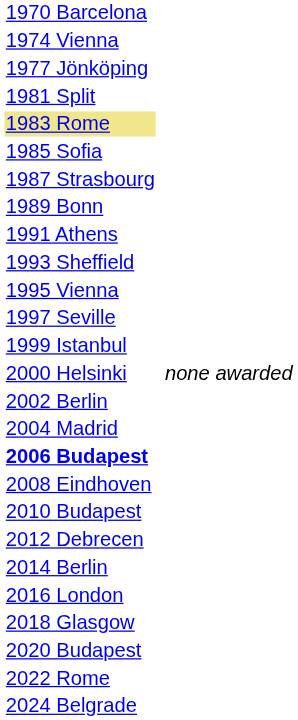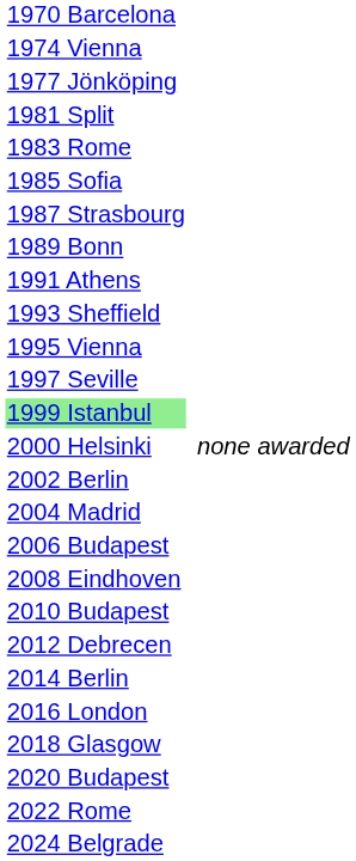 <table>
 <tr>
 <td><a href='#'>1970 Barcelona</a></td>
 <td></td>
 <td></td>
 <td></td>
 </tr>
 <tr>
 <td><a href='#'>1974 Vienna</a></td>
 <td></td>
 <td></td>
 <td></td>
 </tr>
 <tr>
 <td><a href='#'>1977 Jönköping</a></td>
 <td></td>
 <td></td>
 <td></td>
 </tr>
 <tr>
 <td><a href='#'>1981 Split</a></td>
 <td></td>
 <td></td>
 <td></td>
 </tr>
 <tr>
-<td style="background: khaki;"><a href='#'>1983 Rome</a></td>
+<td><a href='#'>1983 Rome</a></td>
 <td></td>
 <td></td>
 <td></td>
 </tr>
 <tr>
 <td><a href='#'>1985 Sofia</a></td>
 <td></td>
 <td></td>
 <td></td>
 </tr>
 <tr>
 <td><a href='#'>1987 Strasbourg</a></td>
 <td></td>
 <td></td>
 <td></td>
 </tr>
 <tr>
 <td><a href='#'>1989 Bonn</a></td>
 <td></td>
 <td></td>
 <td></td>
 </tr>
 <tr>
 <td><a href='#'>1991 Athens</a></td>
 <td></td>
 <td></td>
 <td></td>
 </tr>
 <tr>
 <td><a href='#'>1993 Sheffield</a></td>
 <td></td>
 <td></td>
 <td></td>
 </tr>
 <tr>
 <td><a href='#'>1995 Vienna</a></td>
 <td></td>
 <td></td>
 <td></td>
 </tr>
 <tr>
 <td><a href='#'>1997 Seville</a></td>
 <td></td>
 <td></td>
 <td></td>
 </tr>
 <tr>
-<td><a href='#'>1999 Istanbul</a></td>
+<td style="background: lightgreen;"><a href='#'>1999 Istanbul</a></td>
 <td></td>
 <td></td>
 <td></td>
 </tr>
 <tr>
 <td rowspan=2><a href='#'>2000 Helsinki</a></td>
 <td></td>
 <td rowspan=2><em>none awarded</em></td>
 <td rowspan=2></td>
 </tr>
 <tr>
 <td></td>
 </tr>
 <tr>
 <td><a href='#'>2002 Berlin</a></td>
 <td></td>
 <td></td>
 <td></td>
 </tr>
 <tr>
 <td><a href='#'>2004 Madrid</a></td>
 <td></td>
 <td></td>
 <td></td>
 </tr>
 <tr>
-<td><strong><a href='#'>2006 Budapest</a></strong></td>
+<td><a href='#'>2006 Budapest</a></td>
 <td></td>
 <td></td>
 <td></td>
 </tr>
 <tr>
 <td><a href='#'>2008 Eindhoven</a></td>
 <td></td>
 <td></td>
 <td></td>
 </tr>
 <tr>
 <td><a href='#'>2010 Budapest</a></td>
 <td></td>
 <td></td>
 <td></td>
 </tr>
 <tr>
 <td><a href='#'>2012 Debrecen</a></td>
 <td></td>
 <td></td>
 <td></td>
 </tr>
 <tr>
 <td><a href='#'>2014 Berlin</a></td>
 <td></td>
 <td></td>
 <td></td>
 </tr>
 <tr>
 <td><a href='#'>2016 London</a></td>
 <td></td>
 <td></td>
 <td></td>
 </tr>
 <tr>
 <td><a href='#'>2018 Glasgow</a></td>
 <td></td>
 <td></td>
 <td></td>
 </tr>
 <tr>
 <td><a href='#'>2020 Budapest</a></td>
 <td></td>
 <td></td>
 <td></td>
 </tr>
 <tr>
 <td><a href='#'>2022 Rome</a></td>
 <td></td>
 <td></td>
 <td></td>
 </tr>
 <tr>
 <td><a href='#'>2024 Belgrade</a></td>
 <td></td>
 <td></td>
 <td></td>
 </tr>
 </table>
